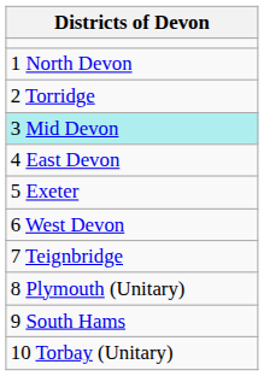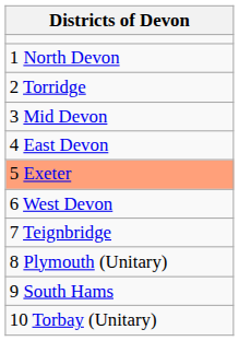 <table class="wikitable" border="1" align="right" width=200px>
 <tr>
 <th>Districts of Devon</th>
 </tr>
 <tr>
 <td></td>
 </tr>
 <tr>
 <td>1 <a href='#'>North Devon</a></td>
 </tr>
 <tr>
 <td>2 <a href='#'>Torridge</a></td>
 </tr>
 <tr>
-<td style="background: paleturquoise;">3 <a href='#'>Mid Devon</a></td>
+<td>3 <a href='#'>Mid Devon</a></td>
 </tr>
 <tr>
 <td>4 <a href='#'>East Devon</a></td>
 </tr>
 <tr>
-<td>5 <a href='#'>Exeter</a></td>
+<td style="background: lightsalmon;">5 <a href='#'>Exeter</a></td>
 </tr>
 <tr>
 <td>6 <a href='#'>West Devon</a></td>
 </tr>
 <tr>
 <td>7 <a href='#'>Teignbridge</a></td>
 </tr>
 <tr>
 <td>8 <a href='#'>Plymouth</a> (Unitary)</td>
 </tr>
 <tr>
 <td>9 <a href='#'>South Hams</a></td>
 </tr>
 <tr>
 <td>10 <a href='#'>Torbay</a> (Unitary)</td>
 </tr>
 </table>
